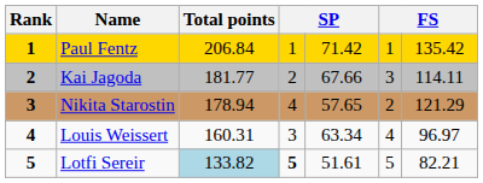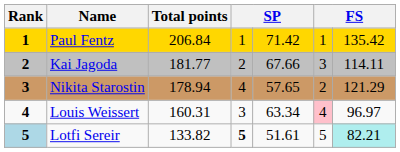 <table class="wikitable sortable">
 <tr>
 <th>Rank</th>
 <th>Name</th>
 <th>Total points</th>
 <th colspan="2" width="80px"><a href='#'>SP</a></th>
 <th colspan="2" width="80px"><a href='#'>FS</a></th>
 </tr>
 <tr bgcolor="gold">
 <td align="center"><strong>1</strong></td>
 <td><a href='#'>Paul Fentz</a></td>
 <td align="center">206.84</td>
 <td align="center">1</td>
 <td align="center">71.42</td>
 <td align="center">1</td>
 <td align="center">135.42</td>
 </tr>
 <tr bgcolor="silver">
 <td align="center"><strong>2</strong></td>
 <td><a href='#'>Kai Jagoda</a></td>
 <td align="center">181.77</td>
 <td align="center">2</td>
 <td align="center">67.66</td>
 <td align="center">3</td>
 <td align="center">114.11</td>
 </tr>
 <tr bgcolor="cc9966">
 <td align="center"><strong>3</strong></td>
 <td><a href='#'>Nikita Starostin</a></td>
 <td align="center">178.94</td>
 <td align="center">4</td>
 <td align="center">57.65</td>
 <td align="center">2</td>
 <td align="center">121.29</td>
 </tr>
 <tr>
 <td align="center"><strong>4</strong></td>
 <td><a href='#'>Louis Weissert</a></td>
 <td align="center">160.31</td>
 <td align="center">3</td>
 <td align="center">63.34</td>
-<td align="center">4</td>
+<td align="center" style="background: pink;">4</td>
 <td align="center">96.97</td>
 </tr>
 <tr>
-<td align="center"><strong>5</strong></td>
+<td align="center" style="background: lightblue;"><strong>5</strong></td>
 <td><a href='#'>Lotfi Sereir</a></td>
-<td align="center" style="background: lightblue;">133.82</td>
+<td align="center">133.82</td>
 <td align="center"><strong>5</strong></td>
 <td align="center">51.61</td>
 <td align="center">5</td>
-<td align="center">82.21</td>
+<td align="center" style="background: paleturquoise;">82.21</td>
 </tr>
 </table>
